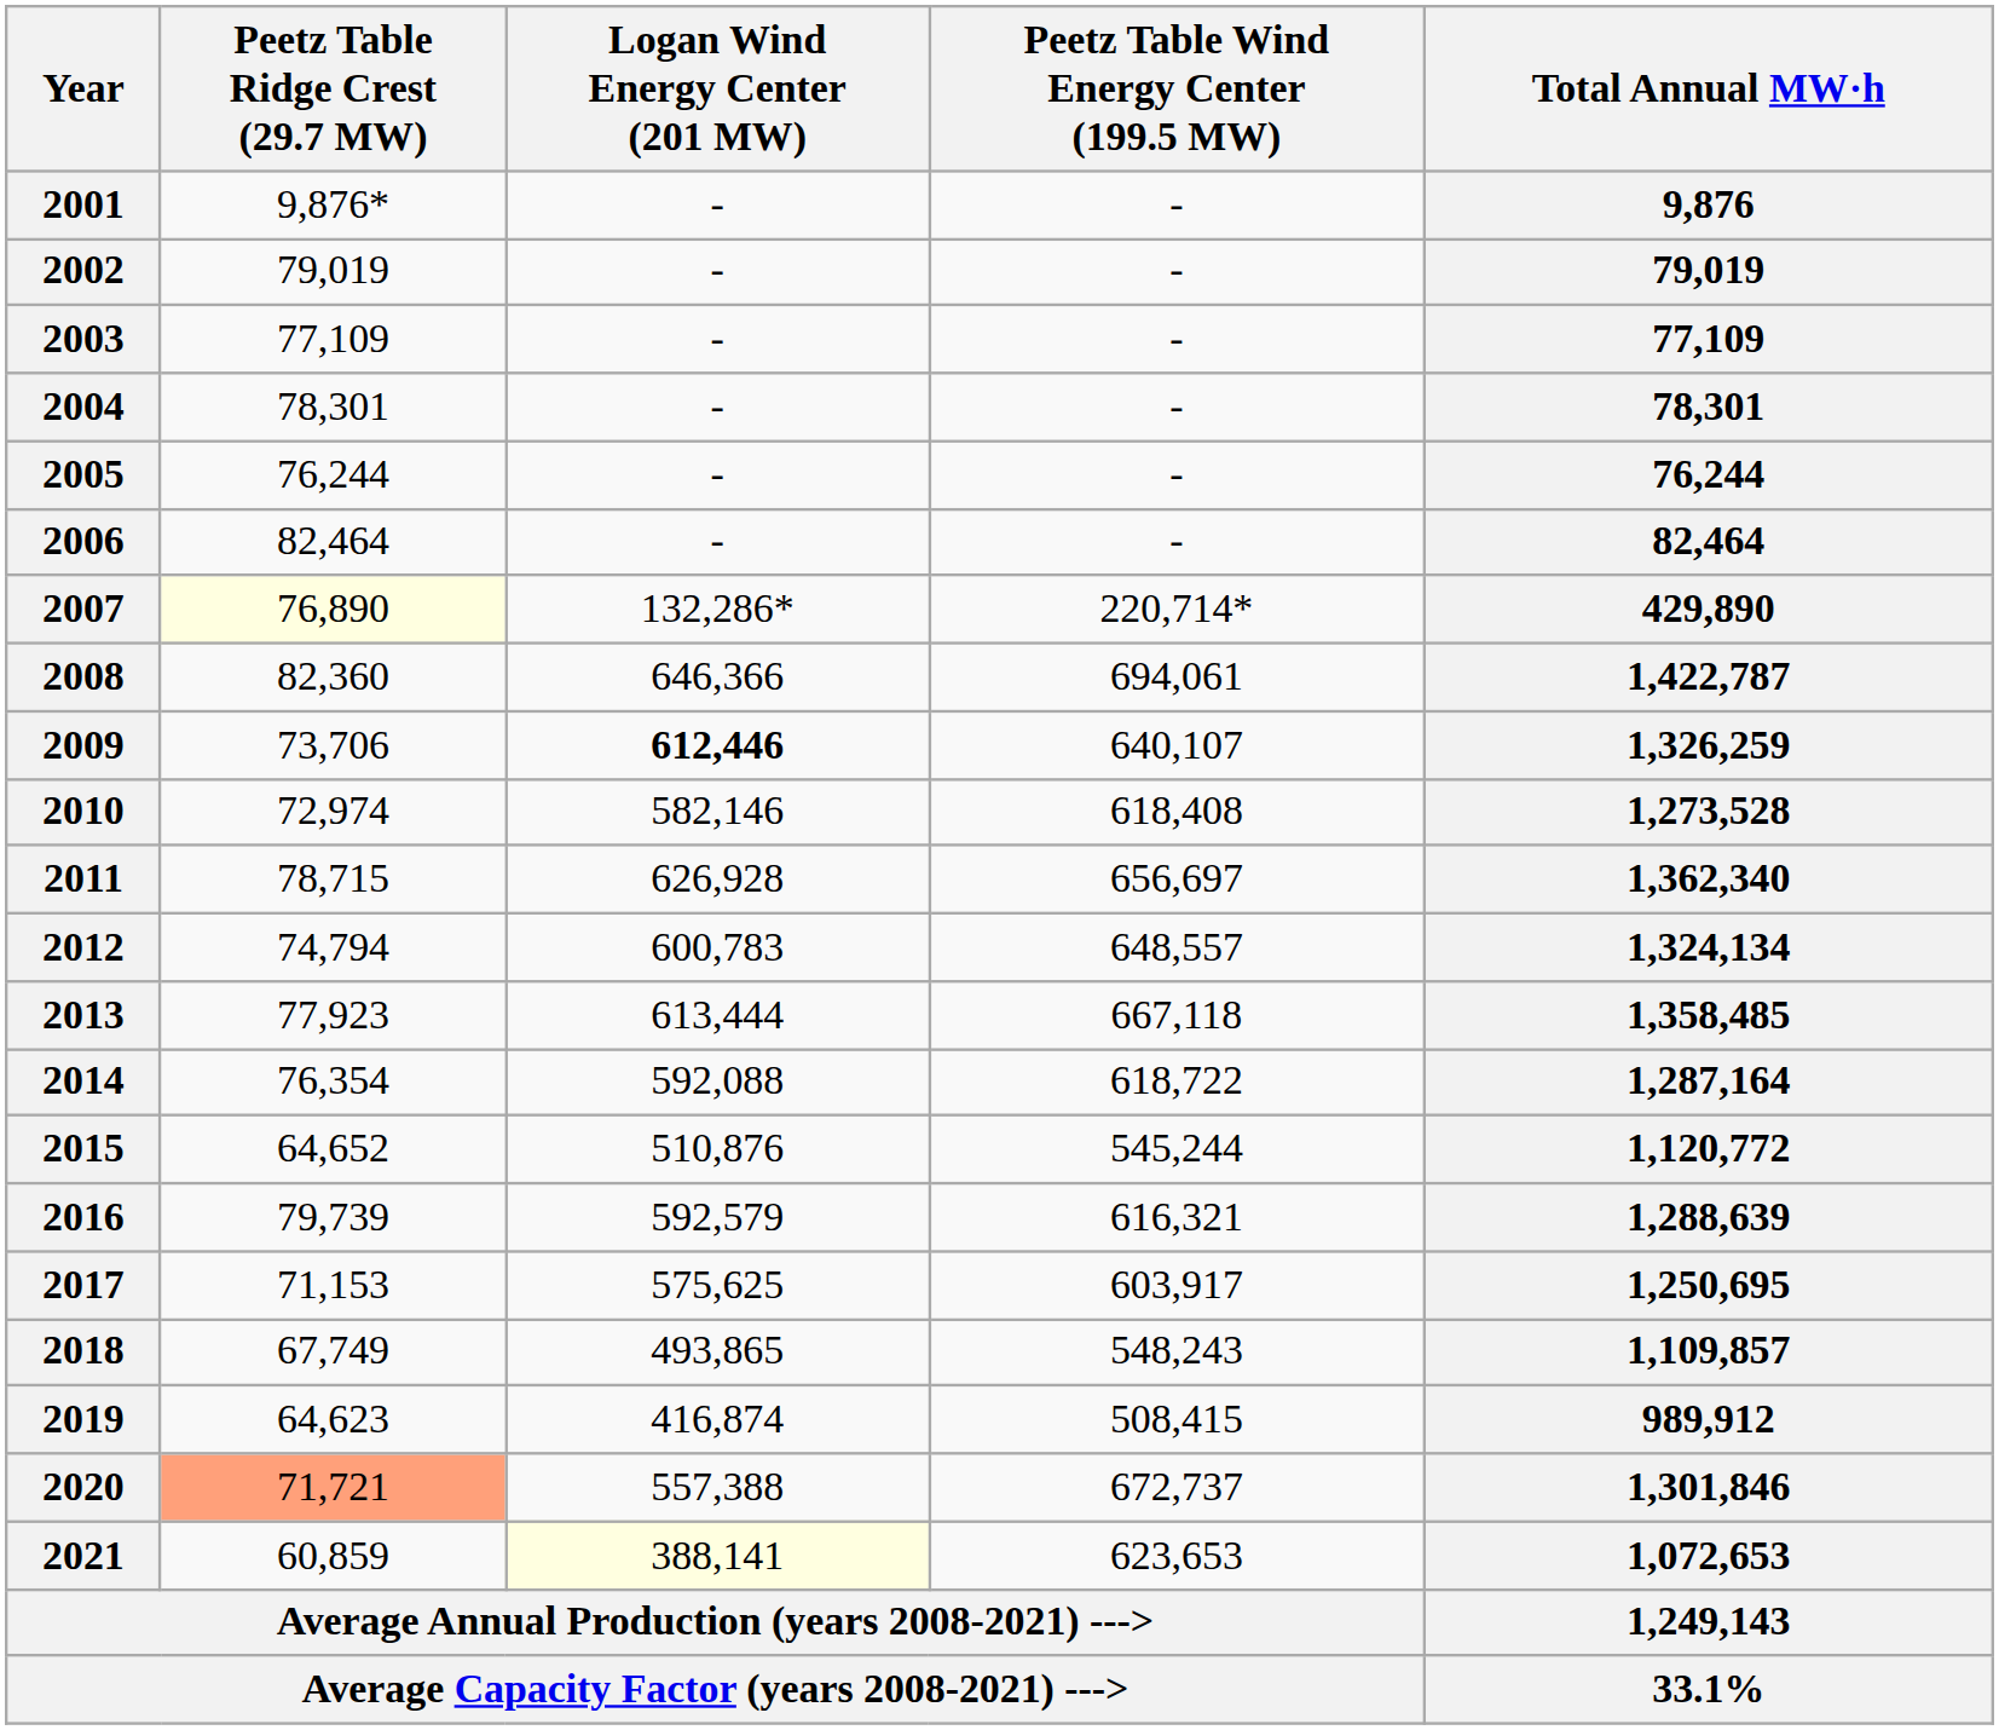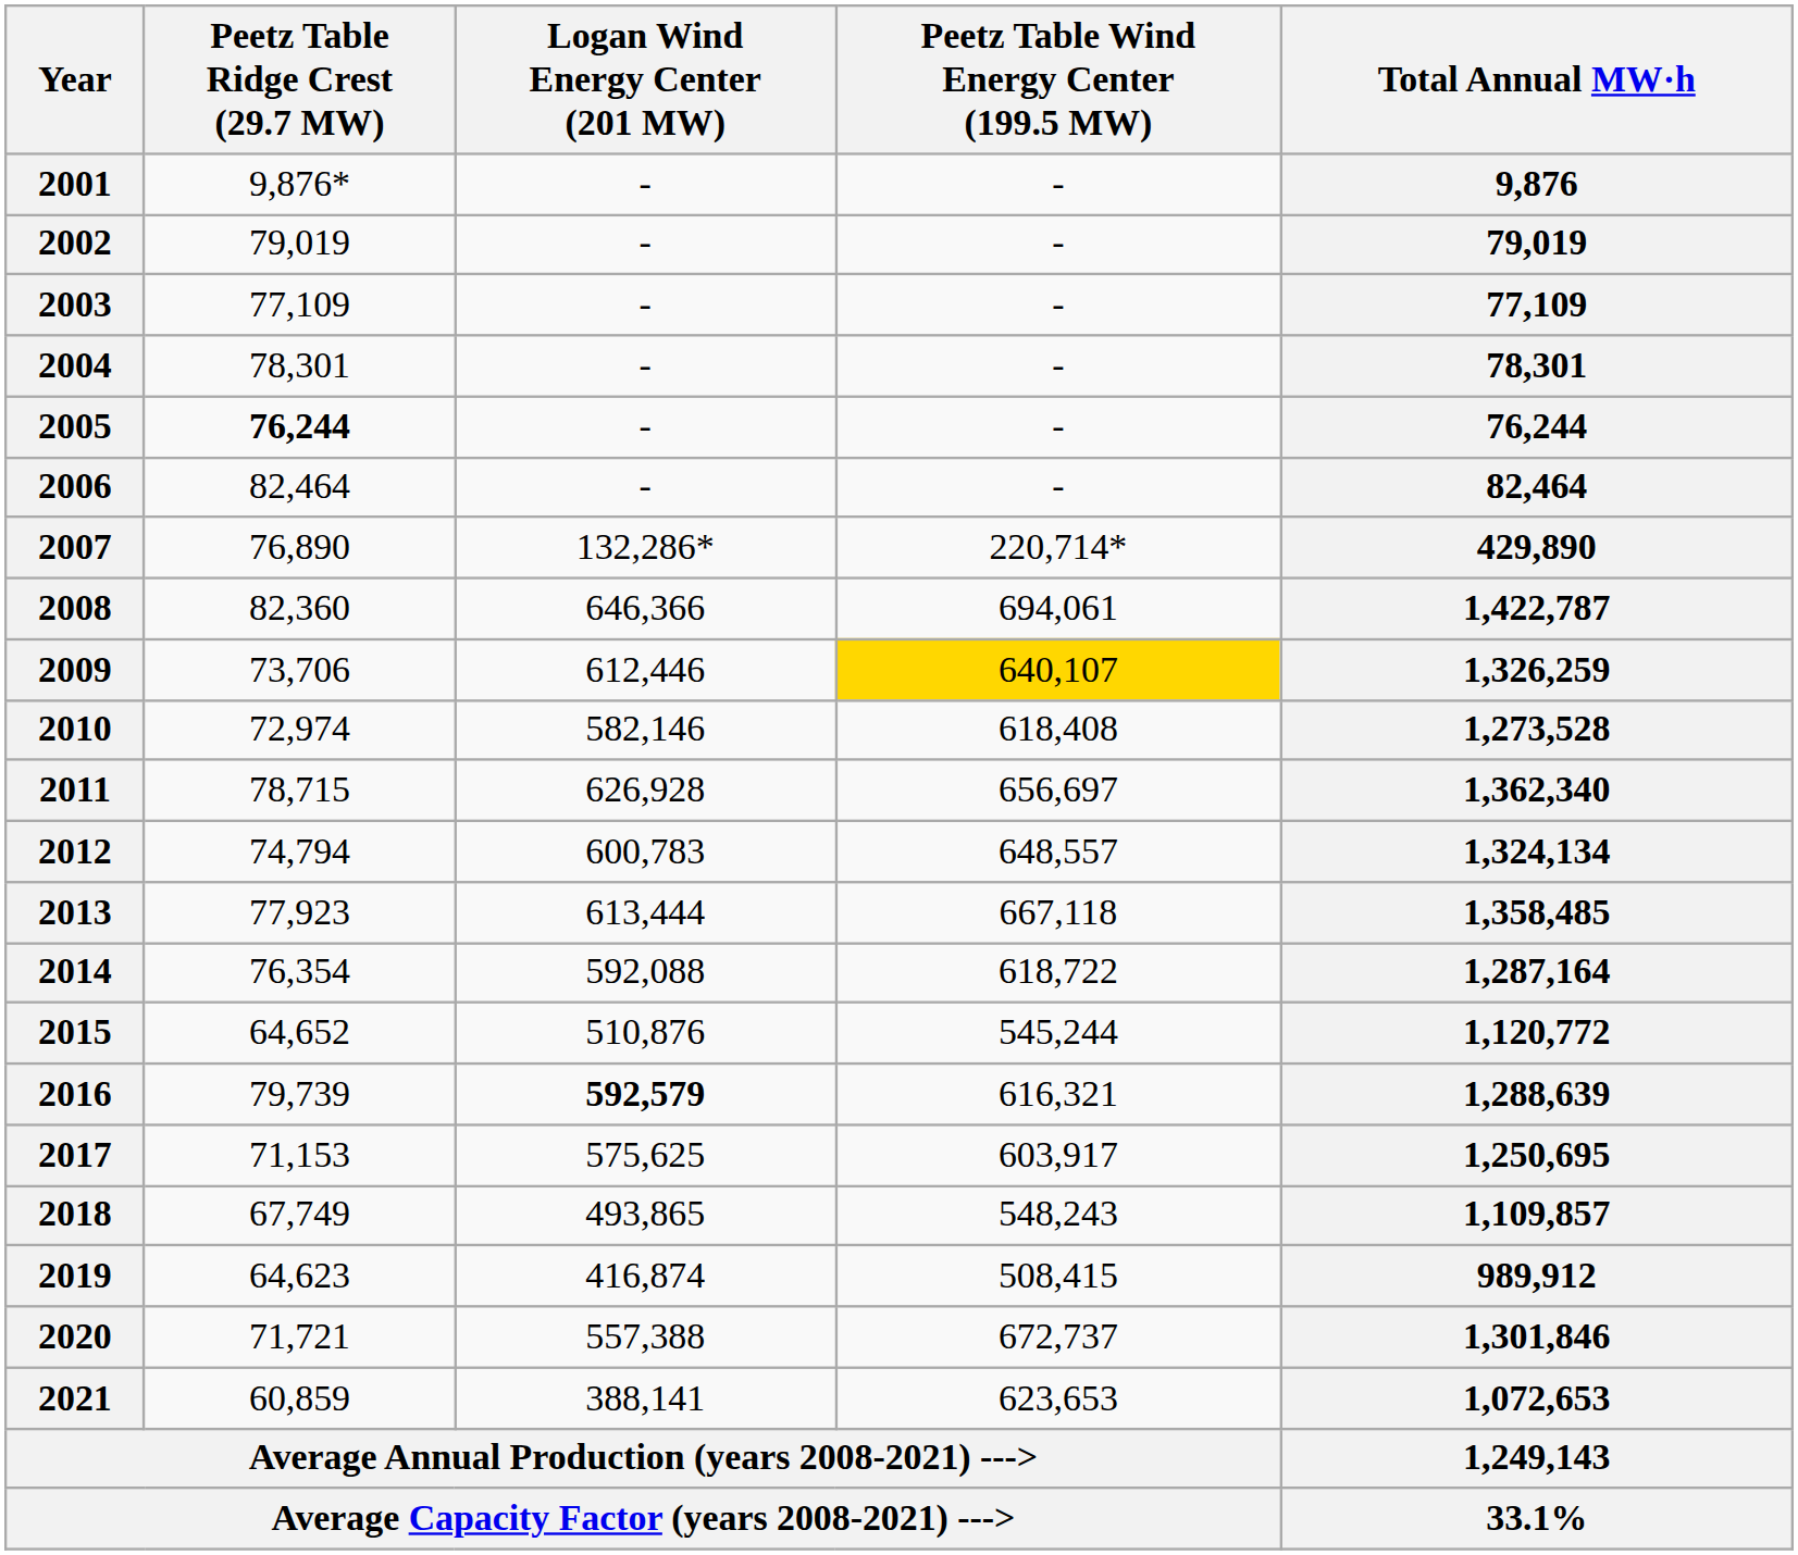 <table class=wikitable style="text-align:center; font-size:0.9em; width:700px;">
 <tr>
 <th>Year</th>
 <th>Peetz Table<br>Ridge Crest<br>(29.7 MW) </th>
 <th>Logan Wind<br>Energy Center<br>(201 MW) </th>
 <th>Peetz Table Wind<br>Energy Center<br>(199.5 MW) </th>
 <th>Total Annual <a href='#'>MW·h</a></th>
 </tr>
 <tr>
 <th>2001</th>
 <td>9,876*</td>
 <td>-</td>
 <td>-</td>
 <th>9,876</th>
 </tr>
 <tr>
 <th>2002</th>
 <td>79,019</td>
 <td>-</td>
 <td>-</td>
 <th>79,019</th>
 </tr>
 <tr>
 <th>2003</th>
 <td>77,109</td>
 <td>-</td>
 <td>-</td>
 <th>77,109</th>
 </tr>
 <tr>
 <th>2004</th>
 <td>78,301</td>
 <td>-</td>
 <td>-</td>
 <th>78,301</th>
 </tr>
 <tr>
 <th>2005</th>
-<td>76,244</td>
+<td><strong>76,244</strong></td>
 <td>-</td>
 <td>-</td>
 <th>76,244</th>
 </tr>
 <tr>
 <th>2006</th>
 <td>82,464</td>
 <td>-</td>
 <td>-</td>
 <th>82,464</th>
 </tr>
 <tr>
 <th>2007</th>
-<td style="background: lightyellow;">76,890</td>
+<td>76,890</td>
 <td>132,286*</td>
 <td>220,714*</td>
 <th>429,890</th>
 </tr>
 <tr>
 <th>2008</th>
 <td>82,360</td>
 <td>646,366</td>
 <td>694,061</td>
 <th>1,422,787</th>
 </tr>
 <tr>
 <th>2009</th>
 <td>73,706</td>
-<td><strong>612,446</strong></td>
-<td>640,107</td>
+<td>612,446</td>
+<td style="background: gold;">640,107</td>
 <th>1,326,259</th>
 </tr>
 <tr>
 <th>2010</th>
 <td>72,974</td>
 <td>582,146</td>
 <td>618,408</td>
 <th>1,273,528</th>
 </tr>
 <tr>
 <th>2011</th>
 <td>78,715</td>
 <td>626,928</td>
 <td>656,697</td>
 <th>1,362,340</th>
 </tr>
 <tr>
 <th>2012</th>
 <td>74,794</td>
 <td>600,783</td>
 <td>648,557</td>
 <th>1,324,134</th>
 </tr>
 <tr>
 <th>2013</th>
 <td>77,923</td>
 <td>613,444</td>
 <td>667,118</td>
 <th>1,358,485</th>
 </tr>
 <tr>
 <th>2014</th>
 <td>76,354</td>
 <td>592,088</td>
 <td>618,722</td>
 <th>1,287,164</th>
 </tr>
 <tr>
 <th>2015</th>
 <td>64,652</td>
 <td>510,876</td>
 <td>545,244</td>
 <th>1,120,772</th>
 </tr>
 <tr>
 <th>2016</th>
 <td>79,739</td>
-<td>592,579</td>
+<td><strong>592,579</strong></td>
 <td>616,321</td>
 <th>1,288,639</th>
 </tr>
 <tr>
 <th>2017</th>
 <td>71,153</td>
 <td>575,625</td>
 <td>603,917</td>
 <th>1,250,695</th>
 </tr>
 <tr>
 <th>2018</th>
 <td>67,749</td>
 <td>493,865</td>
 <td>548,243</td>
 <th>1,109,857</th>
 </tr>
 <tr>
 <th>2019</th>
 <td>64,623</td>
 <td>416,874</td>
 <td>508,415</td>
 <th>989,912</th>
 </tr>
 <tr>
 <th>2020</th>
-<td style="background: lightsalmon;">71,721</td>
+<td>71,721</td>
 <td>557,388</td>
 <td>672,737</td>
 <th>1,301,846</th>
 </tr>
 <tr>
 <th>2021</th>
 <td>60,859</td>
-<td style="background: lightyellow;">388,141</td>
+<td>388,141</td>
 <td>623,653</td>
 <th>1,072,653</th>
 </tr>
 <tr>
 <th colspan=4>Average Annual Production (years 2008-2021) ---></th>
 <th>1,249,143</th>
 </tr>
 <tr>
 <th colspan=4>Average <a href='#'>Capacity Factor</a> (years 2008-2021) ---></th>
 <th>33.1%</th>
 </tr>
 </table>
